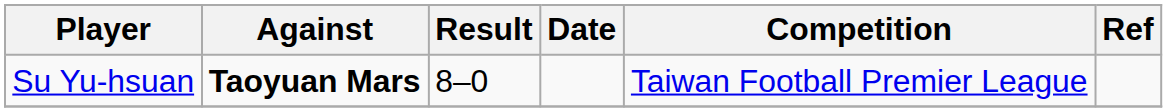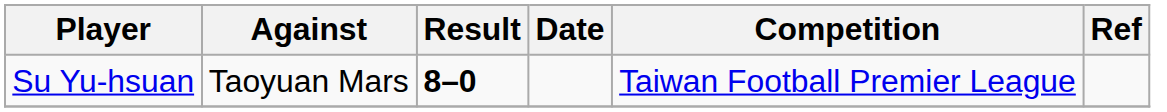 <table class="wikitable">
 <tr>
 <th>Player</th>
 <th>Against</th>
 <th>Result</th>
 <th>Date</th>
 <th>Competition</th>
 <th>Ref</th>
 </tr>
 <tr>
 <td> <a href='#'>Su Yu-hsuan</a></td>
-<td><strong>Taoyuan Mars</strong></td>
-<td>8–0</td>
+<td>Taoyuan Mars</td>
+<td><strong>8–0</strong></td>
 <td></td>
 <td><a href='#'>Taiwan Football Premier League</a></td>
 <td></td>
 </tr>
 <tr>
 </tr>
 </table>
